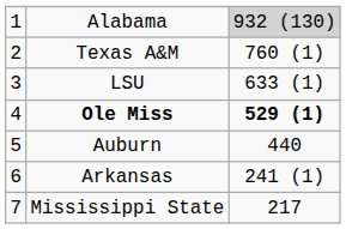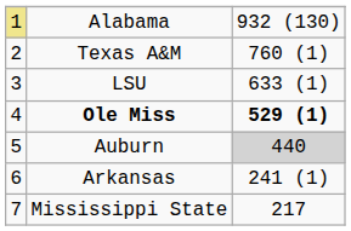 <table class="wikitable" style="display: inline-table;">
 <tr align="center">
 </tr>
 <tr align="center">
-<td>1</td>
+<td style="background: khaki;">1</td>
 <td>Alabama</td>
-<td style="background: lightgrey;">932 (130)</td>
+<td>932 (130)</td>
 </tr>
 <tr align="center">
 <td>2</td>
 <td>Texas A&M</td>
 <td>760 (1)</td>
 </tr>
 <tr align="center">
 <td>3</td>
 <td>LSU</td>
 <td>633 (1)</td>
 </tr>
 <tr align="center">
 <td>4</td>
 <td><strong>Ole Miss</strong></td>
 <td><strong>529 (1)</strong></td>
 </tr>
 <tr align="center">
 <td>5</td>
 <td>Auburn</td>
-<td>440</td>
+<td style="background: lightgrey;">440</td>
 </tr>
 <tr align="center">
 <td>6</td>
 <td>Arkansas</td>
 <td>241 (1)</td>
 </tr>
 <tr align="center">
 <td>7</td>
 <td>Mississippi State</td>
 <td>217</td>
 </tr>
 </table>
